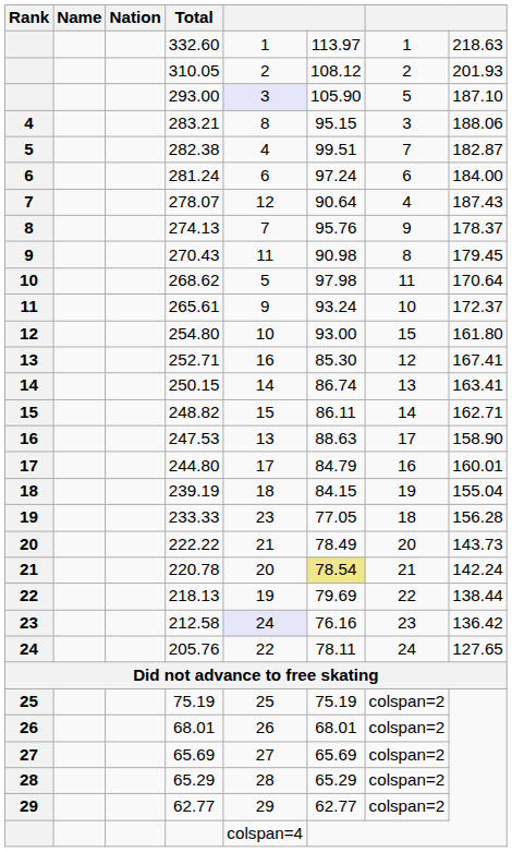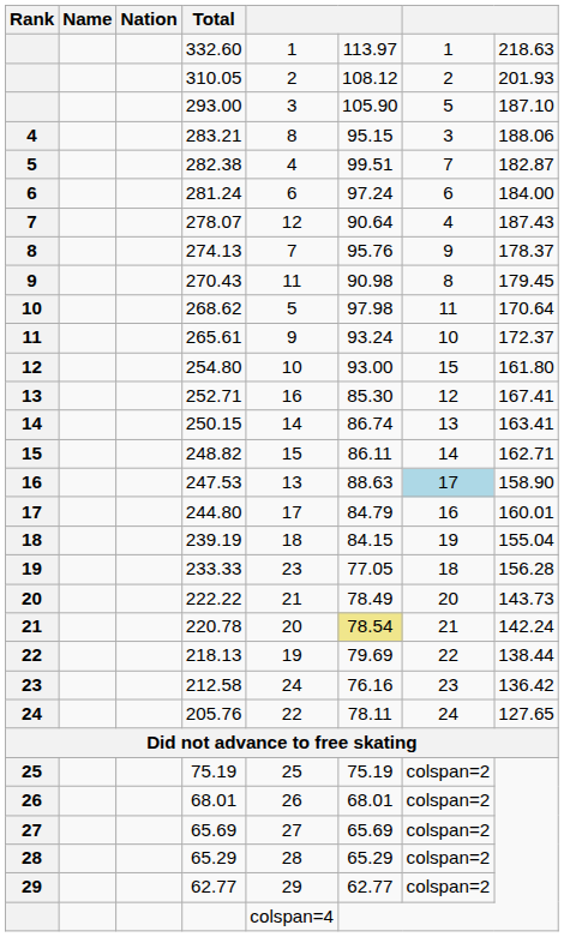 <table class="wikitable sortable" style="text-align:center">
 <tr>
 <th>Rank</th>
 <th>Name</th>
 <th>Nation</th>
 <th>Total</th>
 <th colspan=2></th>
 <th colspan=2></th>
 </tr>
 <tr>
 <th></th>
 <td align="left"></td>
 <td align="left"></td>
 <td>332.60</td>
 <td>1</td>
 <td>113.97</td>
 <td>1</td>
 <td>218.63</td>
 </tr>
 <tr>
 <th></th>
 <td align="left"></td>
 <td align="left"></td>
 <td>310.05</td>
 <td>2</td>
 <td>108.12</td>
 <td>2</td>
 <td>201.93</td>
 </tr>
 <tr>
 <th></th>
 <td align="left"></td>
 <td align="left"></td>
 <td>293.00</td>
-<td style="background: lavender;">3</td>
+<td>3</td>
 <td>105.90</td>
 <td>5</td>
 <td>187.10</td>
 </tr>
 <tr>
 <th>4</th>
 <td align="left"></td>
 <td align="left"></td>
 <td>283.21</td>
 <td>8</td>
 <td>95.15</td>
 <td>3</td>
 <td>188.06</td>
 </tr>
 <tr>
 <th>5</th>
 <td align="left"></td>
 <td align="left"></td>
 <td>282.38</td>
 <td>4</td>
 <td>99.51</td>
 <td>7</td>
 <td>182.87</td>
 </tr>
 <tr>
 <th>6</th>
 <td align="left"></td>
 <td align="left"></td>
 <td>281.24</td>
 <td>6</td>
 <td>97.24</td>
 <td>6</td>
 <td>184.00</td>
 </tr>
 <tr>
 <th>7</th>
 <td align="left"></td>
 <td align="left"></td>
 <td>278.07</td>
 <td>12</td>
 <td>90.64</td>
 <td>4</td>
 <td>187.43</td>
 </tr>
 <tr>
 <th>8</th>
 <td align="left"></td>
 <td align="left"></td>
 <td>274.13</td>
 <td>7</td>
 <td>95.76</td>
 <td>9</td>
 <td>178.37</td>
 </tr>
 <tr>
 <th>9</th>
 <td align="left"></td>
 <td align="left"></td>
 <td>270.43</td>
 <td>11</td>
 <td>90.98</td>
 <td>8</td>
 <td>179.45</td>
 </tr>
 <tr>
 <th>10</th>
 <td align="left"></td>
 <td align="left"></td>
 <td>268.62</td>
 <td>5</td>
 <td>97.98</td>
 <td>11</td>
 <td>170.64</td>
 </tr>
 <tr>
 <th>11</th>
 <td align="left"></td>
 <td align="left"></td>
 <td>265.61</td>
 <td>9</td>
 <td>93.24</td>
 <td>10</td>
 <td>172.37</td>
 </tr>
 <tr>
 <th>12</th>
 <td align="left"></td>
 <td align="left"></td>
 <td>254.80</td>
 <td>10</td>
 <td>93.00</td>
 <td>15</td>
 <td>161.80</td>
 </tr>
 <tr>
 <th>13</th>
 <td align="left"></td>
 <td align="left"></td>
 <td>252.71</td>
 <td>16</td>
 <td>85.30</td>
 <td>12</td>
 <td>167.41</td>
 </tr>
 <tr>
 <th>14</th>
 <td align="left"></td>
 <td align="left"></td>
 <td>250.15</td>
 <td>14</td>
 <td>86.74</td>
 <td>13</td>
 <td>163.41</td>
 </tr>
 <tr>
 <th>15</th>
 <td align="left"></td>
 <td align="left"></td>
 <td>248.82</td>
 <td>15</td>
 <td>86.11</td>
 <td>14</td>
 <td>162.71</td>
 </tr>
 <tr>
 <th>16</th>
 <td align="left"></td>
 <td align="left"></td>
 <td>247.53</td>
 <td>13</td>
 <td>88.63</td>
-<td>17</td>
+<td style="background: lightblue;">17</td>
 <td>158.90</td>
 </tr>
 <tr>
 <th>17</th>
 <td align="left"></td>
 <td align="left"></td>
 <td>244.80</td>
 <td>17</td>
 <td>84.79</td>
 <td>16</td>
 <td>160.01</td>
 </tr>
 <tr>
 <th>18</th>
 <td align="left"></td>
 <td align="left"></td>
 <td>239.19</td>
 <td>18</td>
 <td>84.15</td>
 <td>19</td>
 <td>155.04</td>
 </tr>
 <tr>
 <th>19</th>
 <td align="left"></td>
 <td align="left"></td>
 <td>233.33</td>
 <td>23</td>
 <td>77.05</td>
 <td>18</td>
 <td>156.28</td>
 </tr>
 <tr>
 <th>20</th>
 <td align="left"></td>
 <td align="left"></td>
 <td>222.22</td>
 <td>21</td>
 <td>78.49</td>
 <td>20</td>
 <td>143.73</td>
 </tr>
 <tr>
 <th>21</th>
 <td align="left"></td>
 <td align="left"></td>
 <td>220.78</td>
 <td>20</td>
 <td style="background: khaki;">78.54</td>
 <td>21</td>
 <td>142.24</td>
 </tr>
 <tr>
 <th>22</th>
 <td align="left"></td>
 <td align="left"></td>
 <td>218.13</td>
 <td>19</td>
 <td>79.69</td>
 <td>22</td>
 <td>138.44</td>
 </tr>
 <tr>
 <th>23</th>
 <td align="left"></td>
 <td align="left"></td>
 <td>212.58</td>
-<td style="background: lavender;">24</td>
+<td>24</td>
 <td>76.16</td>
 <td>23</td>
 <td>136.42</td>
 </tr>
 <tr>
 <th>24</th>
 <td align="left"></td>
 <td align="left"></td>
 <td>205.76</td>
 <td>22</td>
 <td>78.11</td>
 <td>24</td>
 <td>127.65</td>
 </tr>
 <tr>
 <th colspan="12">Did not advance to free skating</th>
 </tr>
 <tr>
 <th>25</th>
 <td align="left"></td>
 <td align="left"></td>
 <td>75.19</td>
 <td>25</td>
 <td>75.19</td>
 <td>colspan=2 </td>
 </tr>
 <tr>
 <th>26</th>
 <td align="left"></td>
 <td align="left"></td>
 <td>68.01</td>
 <td>26</td>
 <td>68.01</td>
 <td>colspan=2 </td>
 </tr>
 <tr>
 <th>27</th>
 <td align="left"></td>
 <td align="left"></td>
 <td>65.69</td>
 <td>27</td>
 <td>65.69</td>
 <td>colspan=2 </td>
 </tr>
 <tr>
 <th>28</th>
 <td align="left"></td>
 <td align="left"></td>
 <td>65.29</td>
 <td>28</td>
 <td>65.29</td>
 <td>colspan=2 </td>
 </tr>
 <tr>
 <th>29</th>
 <td align="left"></td>
 <td align="left"></td>
 <td>62.77</td>
 <td>29</td>
 <td>62.77</td>
 <td>colspan=2 </td>
 </tr>
 <tr>
 <th></th>
 <td align="left"></td>
 <td align="left"></td>
 <td></td>
 <td>colspan=4 </td>
 </tr>
 </table>
